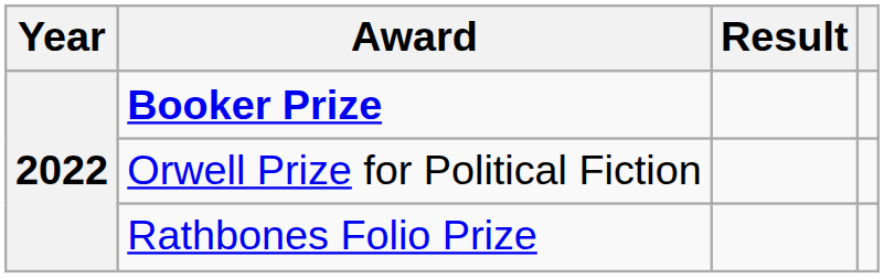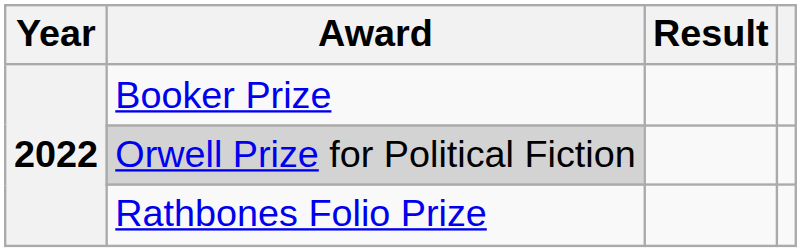 <table class="wikitable plainrowheaders">
 <tr>
 <th scope="col">Year</th>
 <th scope="col">Award</th>
 <th scope="col">Result</th>
 <th scope="col"></th>
 </tr>
 <tr>
 <th scope="row" rowspan="3">2022</th>
-<td><strong><a href='#'>Booker Prize</a></strong></td>
+<td><a href='#'>Booker Prize</a></td>
 <td></td>
 <td></td>
 </tr>
 <tr>
-<td><a href='#'>Orwell Prize</a> for Political Fiction</td>
+<td style="background: lightgrey;"><a href='#'>Orwell Prize</a> for Political Fiction</td>
 <td></td>
 <td></td>
 </tr>
 <tr>
 <td><a href='#'>Rathbones Folio Prize</a></td>
 <td></td>
 <td></td>
 </tr>
 </table>
